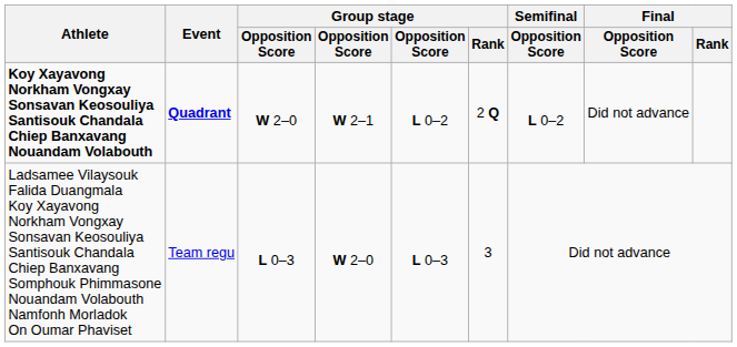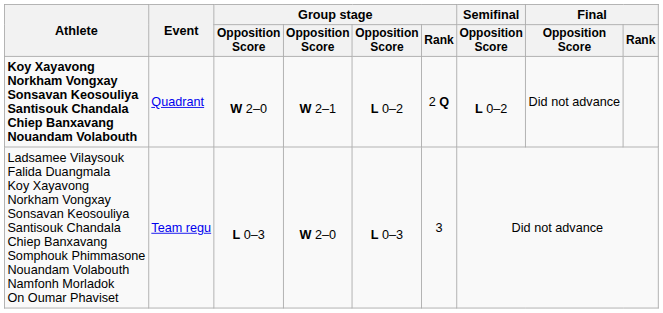 <table class=wikitable style=font-size:90%;text-align:center>
 <tr>
 <th rowspan="2">Athlete</th>
 <th rowspan="2">Event</th>
 <th colspan=4>Group stage</th>
 <th>Semifinal</th>
 <th colspan=2>Final</th>
 </tr>
 <tr style="font-size:95%">
 <th>Opposition<br>Score</th>
 <th>Opposition<br>Score</th>
 <th>Opposition<br>Score</th>
 <th>Rank</th>
 <th>Opposition<br>Score</th>
 <th>Opposition<br>Score</th>
 <th>Rank</th>
 </tr>
 <tr>
 <td align=left><strong>Koy Xayavong<br>Norkham Vongxay<br>Sonsavan Keosouliya<br>Santisouk Chandala<br>Chiep Banxavang<br>Nouandam Volabouth</strong></td>
-<td align=left><strong><a href='#'>Quadrant</a></strong></td>
+<td align=left><a href='#'>Quadrant</a></td>
 <td><br><strong>W</strong> 2–0</td>
 <td><br><strong>W</strong> 2–1</td>
 <td><br><strong>L</strong> 0–2</td>
 <td>2 <strong>Q</strong></td>
 <td><br><strong>L</strong> 0–2</td>
 <td>Did not advance</td>
 <td></td>
 </tr>
 <tr>
 <td align=left>Ladsamee Vilaysouk<br>Falida Duangmala<br>Koy Xayavong<br>Norkham Vongxay<br>Sonsavan Keosouliya<br>Santisouk Chandala<br>Chiep Banxavang<br>Somphouk Phimmasone<br>Nouandam Volabouth<br>Namfonh Morladok<br>On Oumar Phaviset</td>
 <td align=left><a href='#'>Team regu</a></td>
 <td><br><strong>L</strong> 0–3</td>
 <td><br><strong>W</strong> 2–0</td>
 <td><br><strong>L</strong> 0–3</td>
 <td>3</td>
 <td colspan=3>Did not advance</td>
 </tr>
 </table>
